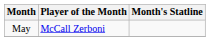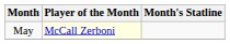 <table class=wikitable>
 <tr>
 <th>Month</th>
 <th>Player of the Month</th>
 <th>Month's Statline</th>
 </tr>
 <tr>
 <td align=center>May</td>
-<td> <a href='#'>McCall Zerboni</a></td>
+<td style="background: lightyellow;"> <a href='#'>McCall Zerboni</a></td>
 <td></td>
 </tr>
 <tr>
 </tr>
 </table>
